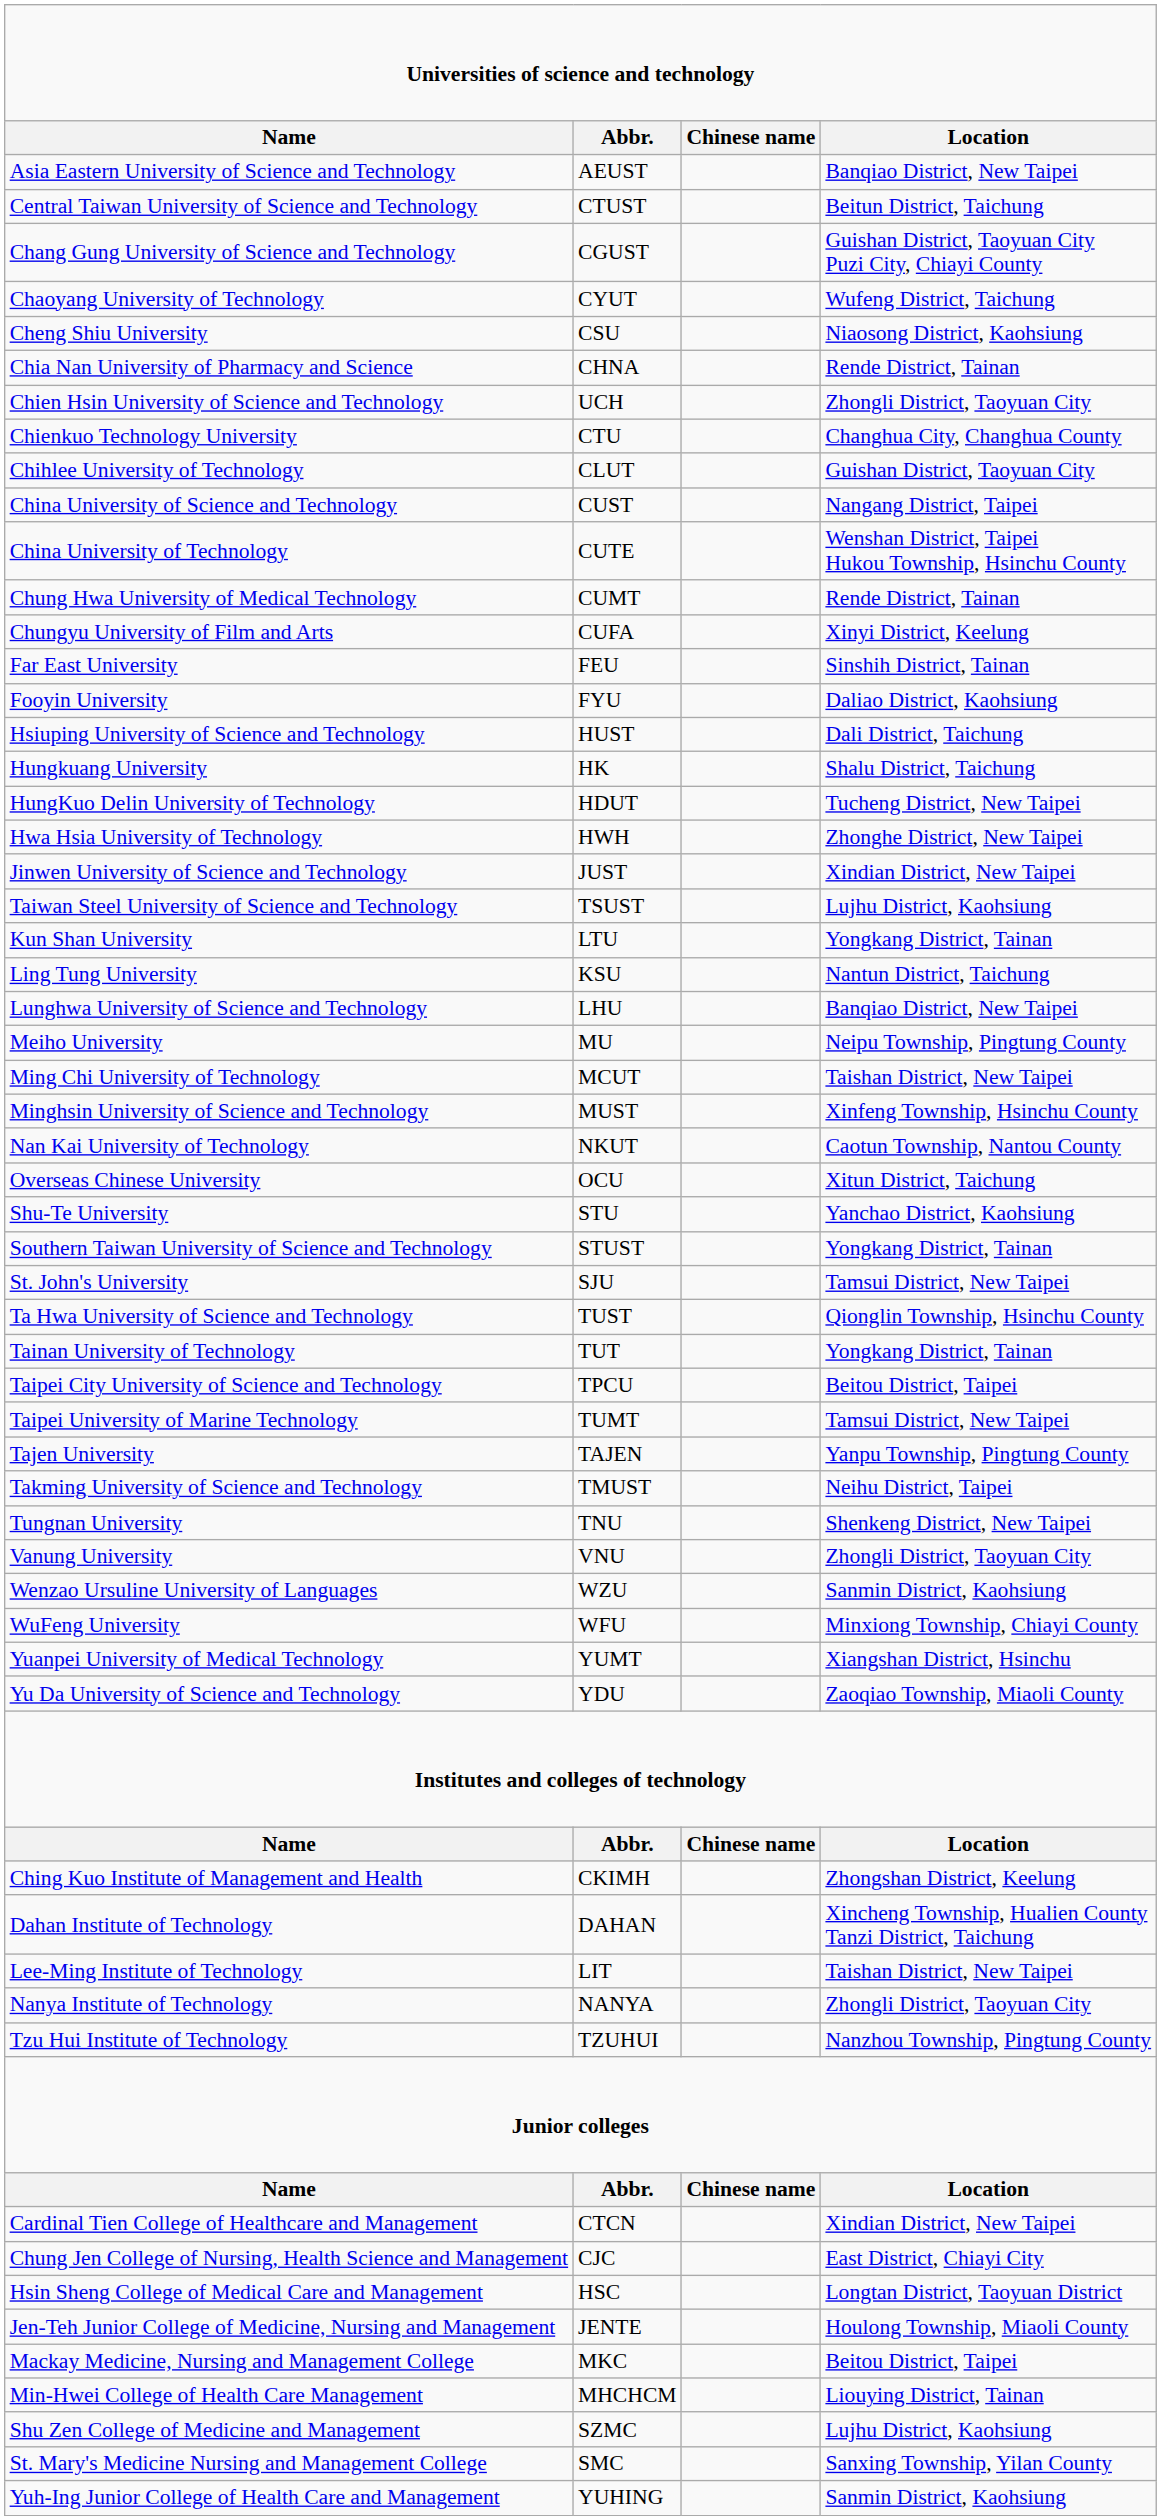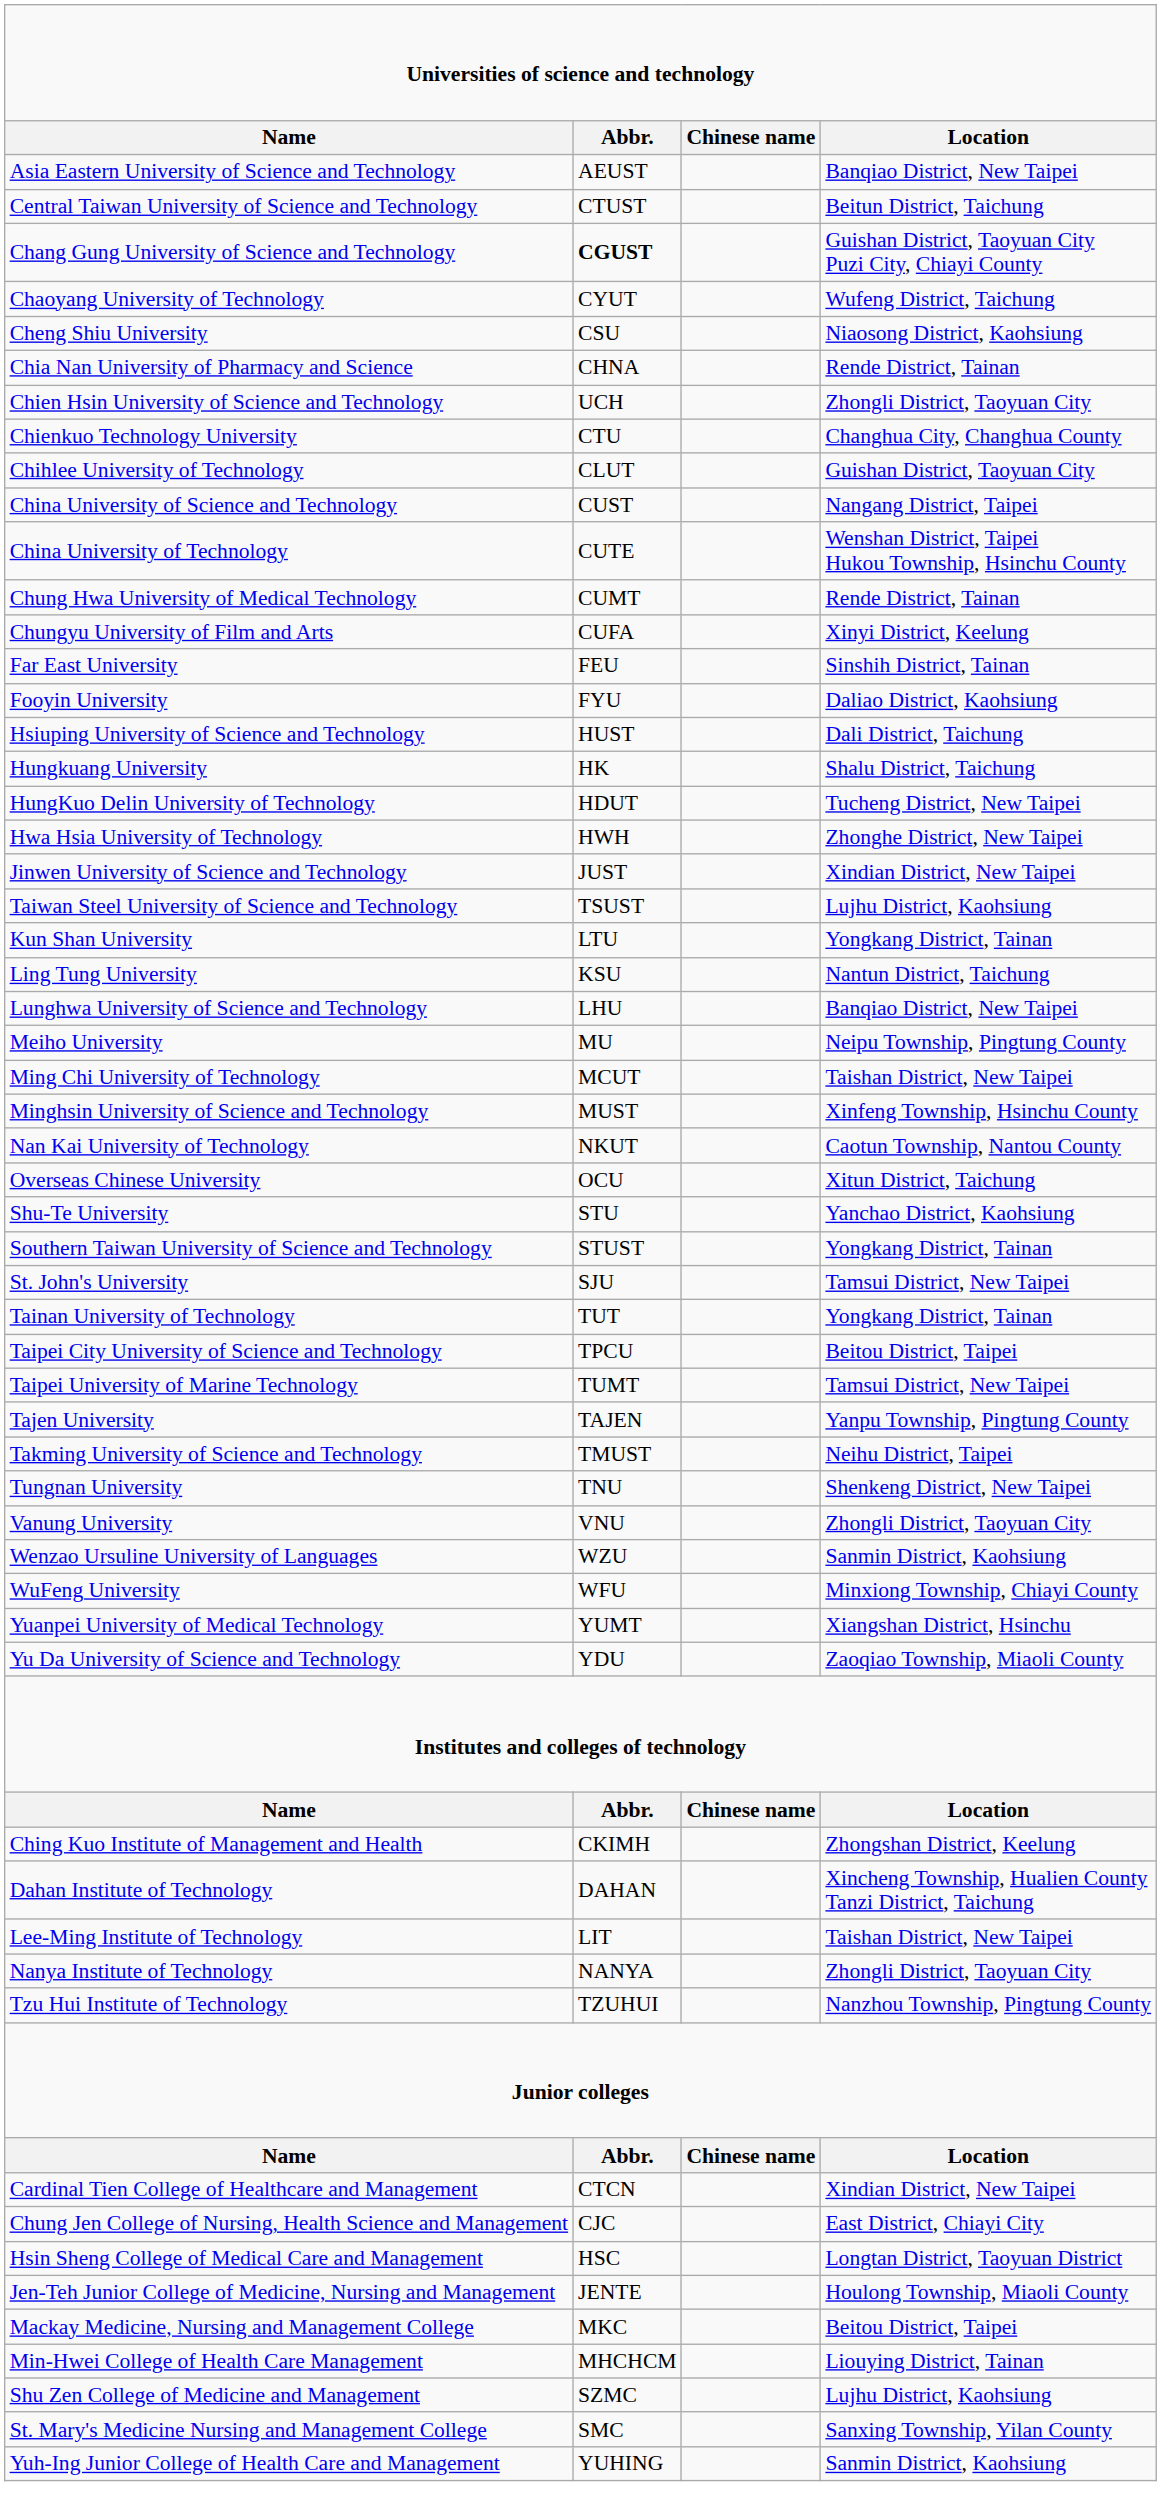 <table class=wikitable>
 <tr>
 <td colspan=4 align=center><br><h4>Universities of science and technology</h4></td>
 </tr>
 <tr>
 <th>Name</th>
 <th>Abbr.</th>
 <th>Chinese name</th>
 <th>Location</th>
 </tr>
 <tr>
 <td><a href='#'>Asia Eastern University of Science and Technology</a></td>
 <td>AEUST</td>
 <td></td>
 <td><a href='#'>Banqiao District</a>, <a href='#'>New Taipei</a></td>
 </tr>
 <tr>
 <td><a href='#'>Central Taiwan University of Science and Technology</a></td>
 <td>CTUST</td>
 <td></td>
 <td><a href='#'>Beitun District</a>, <a href='#'>Taichung</a></td>
 </tr>
 <tr>
 <td><a href='#'>Chang Gung University of Science and Technology</a></td>
-<td>CGUST</td>
+<td><strong>CGUST</strong></td>
 <td></td>
 <td><a href='#'>Guishan District</a>, <a href='#'>Taoyuan City</a><br><a href='#'>Puzi City</a>, <a href='#'>Chiayi County</a></td>
 </tr>
 <tr>
 <td><a href='#'>Chaoyang University of Technology</a></td>
 <td>CYUT</td>
 <td></td>
 <td><a href='#'>Wufeng District</a>, <a href='#'>Taichung</a></td>
 </tr>
 <tr>
 <td><a href='#'>Cheng Shiu University</a></td>
 <td>CSU</td>
 <td></td>
 <td><a href='#'>Niaosong District</a>, <a href='#'>Kaohsiung</a></td>
 </tr>
 <tr>
 <td><a href='#'>Chia Nan University of Pharmacy and Science</a></td>
 <td>CHNA</td>
 <td></td>
 <td><a href='#'>Rende District</a>, <a href='#'>Tainan</a></td>
 </tr>
 <tr>
 <td><a href='#'>Chien Hsin University of Science and Technology</a></td>
 <td>UCH</td>
 <td></td>
 <td><a href='#'>Zhongli District</a>, <a href='#'>Taoyuan City</a></td>
 </tr>
 <tr>
 <td><a href='#'>Chienkuo Technology University</a></td>
 <td>CTU</td>
 <td></td>
 <td><a href='#'>Changhua City</a>, <a href='#'>Changhua County</a></td>
 </tr>
 <tr>
 <td><a href='#'>Chihlee University of Technology</a></td>
 <td>CLUT</td>
 <td></td>
 <td><a href='#'>Guishan District</a>, <a href='#'>Taoyuan City</a></td>
 </tr>
 <tr>
 <td><a href='#'>China University of Science and Technology</a></td>
 <td>CUST</td>
 <td></td>
 <td><a href='#'>Nangang District</a>, <a href='#'>Taipei</a></td>
 </tr>
 <tr>
 <td><a href='#'>China University of Technology</a></td>
 <td>CUTE</td>
 <td></td>
 <td><a href='#'>Wenshan District</a>, <a href='#'>Taipei</a><br><a href='#'>Hukou Township</a>, <a href='#'>Hsinchu County</a></td>
 </tr>
 <tr>
 <td><a href='#'>Chung Hwa University of Medical Technology</a></td>
 <td>CUMT</td>
 <td></td>
 <td><a href='#'>Rende District</a>, <a href='#'>Tainan</a></td>
 </tr>
 <tr>
 <td><a href='#'>Chungyu University of Film and Arts</a></td>
 <td>CUFA</td>
 <td></td>
 <td><a href='#'>Xinyi District</a>, <a href='#'>Keelung</a></td>
 </tr>
 <tr>
 <td><a href='#'>Far East University</a></td>
 <td>FEU</td>
 <td></td>
 <td><a href='#'>Sinshih District</a>, <a href='#'>Tainan</a></td>
 </tr>
 <tr>
 <td><a href='#'>Fooyin University</a></td>
 <td>FYU</td>
 <td></td>
 <td><a href='#'>Daliao District</a>, <a href='#'>Kaohsiung</a></td>
 </tr>
 <tr>
 <td><a href='#'>Hsiuping University of Science and Technology</a></td>
 <td>HUST</td>
 <td></td>
 <td><a href='#'>Dali District</a>, <a href='#'>Taichung</a></td>
 </tr>
 <tr>
 <td><a href='#'>Hungkuang University</a></td>
 <td>HK</td>
 <td></td>
 <td><a href='#'>Shalu District</a>, <a href='#'>Taichung</a></td>
 </tr>
 <tr>
 <td><a href='#'>HungKuo Delin University of Technology</a></td>
 <td>HDUT</td>
 <td></td>
 <td><a href='#'>Tucheng District</a>, <a href='#'>New Taipei</a></td>
 </tr>
 <tr>
 <td><a href='#'>Hwa Hsia University of Technology</a></td>
 <td>HWH</td>
 <td></td>
 <td><a href='#'>Zhonghe District</a>, <a href='#'>New Taipei</a></td>
 </tr>
 <tr>
 <td><a href='#'>Jinwen University of Science and Technology</a></td>
 <td>JUST</td>
 <td></td>
 <td><a href='#'>Xindian District</a>, <a href='#'>New Taipei</a></td>
 </tr>
 <tr>
 <td><a href='#'>Taiwan Steel University of Science and Technology</a></td>
 <td>TSUST</td>
 <td></td>
 <td><a href='#'>Lujhu District</a>, <a href='#'>Kaohsiung</a></td>
 </tr>
 <tr>
 <td><a href='#'>Kun Shan University</a></td>
 <td>LTU</td>
 <td></td>
 <td><a href='#'>Yongkang District</a>, <a href='#'>Tainan</a></td>
 </tr>
 <tr>
 <td><a href='#'>Ling Tung University</a></td>
 <td>KSU</td>
 <td></td>
 <td><a href='#'>Nantun District</a>, <a href='#'>Taichung</a></td>
 </tr>
 <tr>
 <td><a href='#'>Lunghwa University of Science and Technology</a></td>
 <td>LHU</td>
 <td></td>
 <td><a href='#'>Banqiao District</a>, <a href='#'>New Taipei</a></td>
 </tr>
 <tr>
 <td><a href='#'>Meiho University</a></td>
 <td>MU</td>
 <td></td>
 <td><a href='#'>Neipu Township</a>, <a href='#'>Pingtung County</a></td>
 </tr>
 <tr>
 <td><a href='#'>Ming Chi University of Technology</a></td>
 <td>MCUT</td>
 <td></td>
 <td><a href='#'>Taishan District</a>, <a href='#'>New Taipei</a></td>
 </tr>
 <tr>
 <td><a href='#'>Minghsin University of Science and Technology</a></td>
 <td>MUST</td>
 <td></td>
 <td><a href='#'>Xinfeng Township</a>, <a href='#'>Hsinchu County</a></td>
 </tr>
 <tr>
 <td><a href='#'>Nan Kai University of Technology</a></td>
 <td>NKUT</td>
 <td></td>
 <td><a href='#'>Caotun Township</a>, <a href='#'>Nantou County</a></td>
 </tr>
 <tr>
 <td><a href='#'>Overseas Chinese University</a></td>
 <td>OCU</td>
 <td></td>
 <td><a href='#'>Xitun District</a>, <a href='#'>Taichung</a></td>
 </tr>
 <tr>
 <td><a href='#'>Shu-Te University</a></td>
 <td>STU</td>
 <td></td>
 <td><a href='#'>Yanchao District</a>, <a href='#'>Kaohsiung</a></td>
 </tr>
 <tr>
 <td><a href='#'>Southern Taiwan University of Science and Technology</a></td>
 <td>STUST</td>
 <td></td>
 <td><a href='#'>Yongkang District</a>, <a href='#'>Tainan</a></td>
 </tr>
 <tr>
 <td><a href='#'>St. John's University</a></td>
 <td>SJU</td>
 <td></td>
 <td><a href='#'>Tamsui District</a>, <a href='#'>New Taipei</a></td>
 </tr>
 <tr>
-<td><a href='#'>Ta Hwa University of Science and Technology</a></td>
-<td>TUST</td>
-<td></td>
-<td><a href='#'>Qionglin Township</a>, <a href='#'>Hsinchu County</a></td>
-</tr>
-<tr>
 <td><a href='#'>Tainan University of Technology</a></td>
 <td>TUT</td>
 <td></td>
 <td><a href='#'>Yongkang District</a>, <a href='#'>Tainan</a></td>
 </tr>
 <tr>
 <td><a href='#'>Taipei City University of Science and Technology</a></td>
 <td>TPCU</td>
 <td></td>
 <td><a href='#'>Beitou District</a>, <a href='#'>Taipei</a></td>
 </tr>
 <tr>
 <td><a href='#'>Taipei University of Marine Technology</a></td>
 <td>TUMT</td>
 <td></td>
 <td><a href='#'>Tamsui District</a>, <a href='#'>New Taipei</a></td>
 </tr>
 <tr>
 <td><a href='#'>Tajen University</a></td>
 <td>TAJEN</td>
 <td></td>
 <td><a href='#'>Yanpu Township</a>, <a href='#'>Pingtung County</a></td>
 </tr>
 <tr>
 <td><a href='#'>Takming University of Science and Technology</a></td>
 <td>TMUST</td>
 <td></td>
 <td><a href='#'>Neihu District</a>, <a href='#'>Taipei</a></td>
 </tr>
 <tr>
 <td><a href='#'>Tungnan University</a></td>
 <td>TNU</td>
 <td></td>
 <td><a href='#'>Shenkeng District</a>, <a href='#'>New Taipei</a></td>
 </tr>
 <tr>
 <td><a href='#'>Vanung University</a></td>
 <td>VNU</td>
 <td></td>
 <td><a href='#'>Zhongli District</a>, <a href='#'>Taoyuan City</a></td>
 </tr>
 <tr>
 <td><a href='#'>Wenzao Ursuline University of Languages</a></td>
 <td>WZU</td>
 <td></td>
 <td><a href='#'>Sanmin District</a>, <a href='#'>Kaohsiung</a></td>
 </tr>
 <tr>
 <td><a href='#'>WuFeng University</a></td>
 <td>WFU</td>
 <td></td>
 <td><a href='#'>Minxiong Township</a>, <a href='#'>Chiayi County</a></td>
 </tr>
 <tr>
 <td><a href='#'>Yuanpei University of Medical Technology</a></td>
 <td>YUMT</td>
 <td></td>
 <td><a href='#'>Xiangshan District</a>, <a href='#'>Hsinchu</a></td>
 </tr>
 <tr>
 <td><a href='#'>Yu Da University of Science and Technology</a></td>
 <td>YDU</td>
 <td></td>
 <td><a href='#'>Zaoqiao Township</a>, <a href='#'>Miaoli County</a></td>
 </tr>
 <tr>
 <td colspan=4 align=center><br><h4>Institutes and colleges of technology</h4></td>
 </tr>
 <tr>
 <th>Name</th>
 <th>Abbr.</th>
 <th>Chinese name</th>
 <th>Location</th>
 </tr>
 <tr>
 <td><a href='#'>Ching Kuo Institute of Management and Health</a></td>
 <td>CKIMH</td>
 <td></td>
 <td><a href='#'>Zhongshan District</a>, <a href='#'>Keelung</a></td>
 </tr>
 <tr>
 <td><a href='#'>Dahan Institute of Technology</a></td>
 <td>DAHAN</td>
 <td></td>
 <td><a href='#'>Xincheng Township</a>, <a href='#'>Hualien County</a><br><a href='#'>Tanzi District</a>, <a href='#'>Taichung</a></td>
 </tr>
 <tr>
 <td><a href='#'>Lee-Ming Institute of Technology</a></td>
 <td>LIT</td>
 <td></td>
 <td><a href='#'>Taishan District</a>, <a href='#'>New Taipei</a></td>
 </tr>
 <tr>
 <td><a href='#'>Nanya Institute of Technology</a></td>
 <td>NANYA</td>
 <td></td>
 <td><a href='#'>Zhongli District</a>, <a href='#'>Taoyuan City</a></td>
 </tr>
 <tr>
 <td><a href='#'>Tzu Hui Institute of Technology</a></td>
 <td>TZUHUI</td>
 <td></td>
 <td><a href='#'>Nanzhou Township</a>, <a href='#'>Pingtung County</a></td>
 </tr>
 <tr>
 <td colspan=4 align=center><br><h4>Junior colleges</h4></td>
 </tr>
 <tr>
 <th>Name</th>
 <th>Abbr.</th>
 <th>Chinese name</th>
 <th>Location</th>
 </tr>
 <tr>
 <td><a href='#'>Cardinal Tien College of Healthcare and Management</a></td>
 <td>CTCN</td>
 <td></td>
 <td><a href='#'>Xindian District</a>, <a href='#'>New Taipei</a></td>
 </tr>
 <tr>
 <td><a href='#'>Chung Jen College of Nursing, Health Science and Management</a></td>
 <td>CJC</td>
 <td></td>
 <td><a href='#'>East District</a>, <a href='#'>Chiayi City</a></td>
 </tr>
 <tr>
 <td><a href='#'>Hsin Sheng College of Medical Care and Management</a></td>
 <td>HSC</td>
 <td></td>
 <td><a href='#'>Longtan District</a>, <a href='#'>Taoyuan District</a></td>
 </tr>
 <tr>
 <td><a href='#'>Jen-Teh Junior College of Medicine, Nursing and Management</a></td>
 <td>JENTE</td>
 <td></td>
 <td><a href='#'>Houlong Township</a>, <a href='#'>Miaoli County</a></td>
 </tr>
 <tr>
 <td><a href='#'>Mackay Medicine, Nursing and Management College</a></td>
 <td>MKC</td>
 <td></td>
 <td><a href='#'>Beitou District</a>, <a href='#'>Taipei</a></td>
 </tr>
 <tr>
 <td><a href='#'>Min-Hwei College of Health Care Management</a></td>
 <td>MHCHCM</td>
 <td></td>
 <td><a href='#'>Liouying District</a>, <a href='#'>Tainan</a></td>
 </tr>
 <tr>
 <td><a href='#'>Shu Zen College of Medicine and Management</a></td>
 <td>SZMC</td>
 <td></td>
 <td><a href='#'>Lujhu District</a>, <a href='#'>Kaohsiung</a></td>
 </tr>
 <tr>
 <td><a href='#'>St. Mary's Medicine Nursing and Management College</a></td>
 <td>SMC</td>
 <td></td>
 <td><a href='#'>Sanxing Township</a>, <a href='#'>Yilan County</a></td>
 </tr>
 <tr>
 <td><a href='#'>Yuh-Ing Junior College of Health Care and Management</a></td>
 <td>YUHING</td>
 <td></td>
 <td><a href='#'>Sanmin District</a>, <a href='#'>Kaohsiung</a></td>
 </tr>
 </table>
